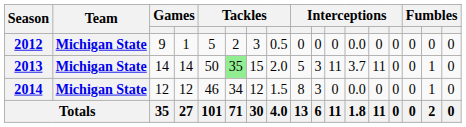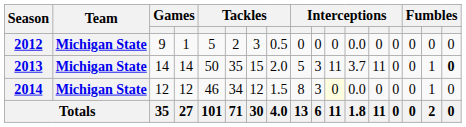 <table class="wikitable" style="text-align:center;">
 <tr>
 <th rowspan="2">Season</th>
 <th rowspan="2">Team</th>
 <th colspan="2">Games</th>
 <th colspan="4">Tackles</th>
 <th colspan="6">Interceptions</th>
 <th colspan="3">Fumbles</th>
 </tr>
 <tr>
 <th></th>
 <th></th>
 <th></th>
 <th></th>
 <th></th>
 <th></th>
 <th></th>
 <th></th>
 <th></th>
 <th></th>
 <th></th>
 <th></th>
 <th></th>
 <th></th>
 <th></th>
 </tr>
 <tr>
 <th><a href='#'>2012</a></th>
 <th><a href='#'>Michigan State</a></th>
 <td>9</td>
 <td>1</td>
 <td>5</td>
 <td>2</td>
 <td>3</td>
 <td>0.5</td>
 <td>0</td>
 <td>0</td>
 <td>0</td>
 <td>0.0</td>
 <td>0</td>
 <td>0</td>
 <td>0</td>
 <td>0</td>
 <td>0</td>
 </tr>
 <tr>
 <th><a href='#'>2013</a></th>
 <th><a href='#'>Michigan State</a></th>
 <td>14</td>
 <td>14</td>
 <td>50</td>
-<td style="background: lightgreen;">35</td>
+<td>35</td>
 <td>15</td>
 <td>2.0</td>
 <td>5</td>
 <td>3</td>
 <td>11</td>
 <td>3.7</td>
 <td>11</td>
 <td>0</td>
 <td>0</td>
 <td>1</td>
-<td>0</td>
+<td><strong>0</strong></td>
 </tr>
 <tr>
 <th><a href='#'>2014</a></th>
 <th><a href='#'>Michigan State</a></th>
 <td>12</td>
 <td>12</td>
 <td>46</td>
 <td>34</td>
 <td>12</td>
 <td>1.5</td>
 <td>8</td>
 <td>3</td>
-<td>0</td>
+<td style="background: lightyellow;">0</td>
 <td>0.0</td>
 <td>0</td>
 <td>0</td>
 <td>0</td>
 <td>1</td>
 <td>0</td>
 </tr>
 <tr>
 <th colspan="2">Totals</th>
 <th>35</th>
 <th>27</th>
 <th>101</th>
 <th>71</th>
 <th>30</th>
 <th>4.0</th>
 <th>13</th>
 <th>6</th>
 <th>11</th>
 <th>1.8</th>
 <th>11</th>
 <th>0</th>
 <th>0</th>
 <th>2</th>
 <th>0</th>
 </tr>
 </table>
